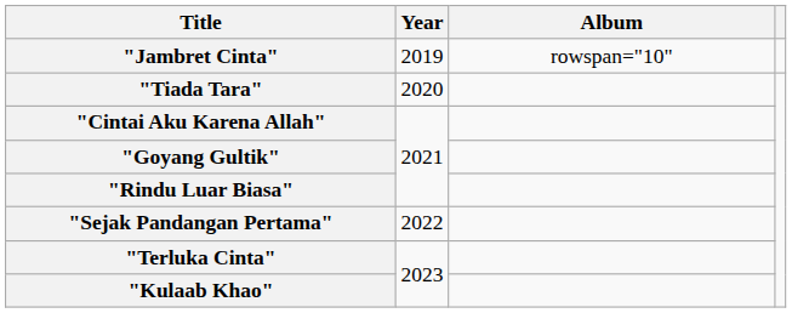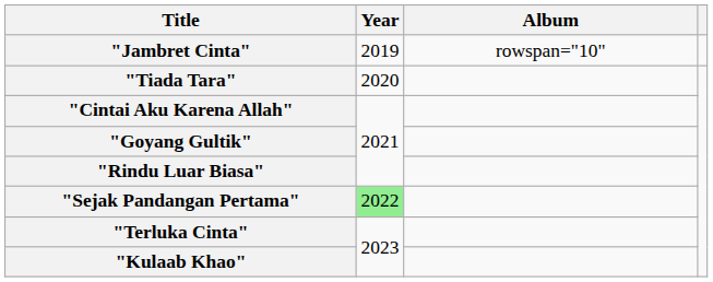 <table class="wikitable plainrowheaders" style="text-align:center">
 <tr>
 <th scope="col" style="width:18em;">Title</th>
 <th scope="col">Year</th>
 <th scope="col" style="width:15em;">Album</th>
 <th></th>
 </tr>
 <tr>
 <th scope="row">"Jambret Cinta"</th>
 <td>2019</td>
 <td>rowspan="10" </td>
 <td></td>
 </tr>
 <tr>
 <th scope="row">"Tiada Tara"<br></th>
 <td>2020</td>
 <td></td>
 </tr>
 <tr>
 <th scope="row">"Cintai Aku Karena Allah"</th>
 <td rowspan="3">2021</td>
 <td></td>
 </tr>
 <tr>
 <th scope="row">"Goyang Gultik"</th>
 <td></td>
 </tr>
 <tr>
 <th scope="row">"Rindu Luar Biasa"<br></th>
 <td></td>
 </tr>
 <tr>
 <th scope="row">"Sejak Pandangan Pertama"</th>
-<td>2022</td>
+<td style="background: lightgreen;">2022</td>
 <td></td>
 </tr>
 <tr>
 <th scope="row">"Terluka Cinta"</th>
 <td rowspan="2">2023</td>
 <td></td>
 </tr>
 <tr>
 <th scope="row">"Kulaab Khao"<br></th>
 <td></td>
 </tr>
 </table>
